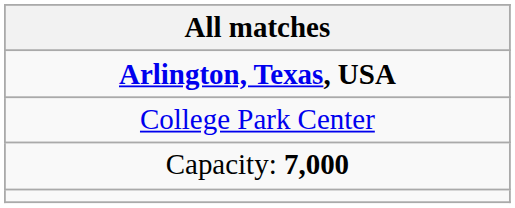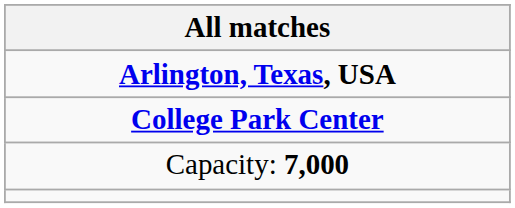 <table class="wikitable" style="text-align:center" width=280>
 <tr>
 <th>All matches</th>
 </tr>
 <tr>
 <td><strong><a href='#'>Arlington, Texas</a>, USA</strong></td>
 </tr>
 <tr>
-<td><a href='#'>College Park Center</a></td>
+<td><strong><a href='#'>College Park Center</a></strong></td>
 </tr>
 <tr>
 <td>Capacity: <strong>7,000</strong></td>
 </tr>
 <tr>
 <td></td>
 </tr>
 </table>
